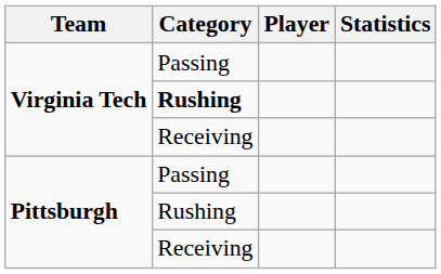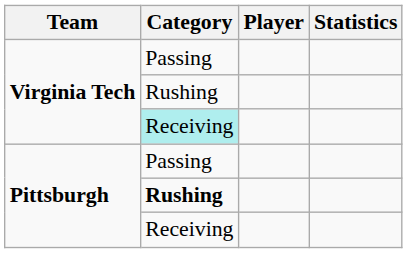 <table class="wikitable" style="float: left;">
 <tr>
 <th>Team</th>
 <th>Category</th>
 <th>Player</th>
 <th>Statistics</th>
 </tr>
 <tr>
 <td rowspan=3><strong>Virginia Tech</strong></td>
 <td>Passing</td>
 <td> </td>
 <td> </td>
 </tr>
 <tr>
-<td><strong>Rushing</strong></td>
+<td>Rushing</td>
 <td> </td>
 <td> </td>
 </tr>
 <tr>
-<td>Receiving</td>
+<td style="background: paleturquoise;">Receiving</td>
 <td> </td>
 <td> </td>
 </tr>
 <tr>
 <td rowspan=3><strong>Pittsburgh</strong></td>
 <td>Passing</td>
 <td> </td>
 <td> </td>
 </tr>
 <tr>
-<td>Rushing</td>
+<td><strong>Rushing</strong></td>
 <td> </td>
 <td> </td>
 </tr>
 <tr>
 <td>Receiving</td>
 <td> </td>
 <td> </td>
 </tr>
 </table>
